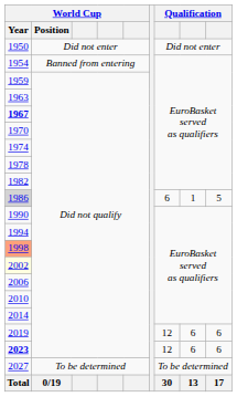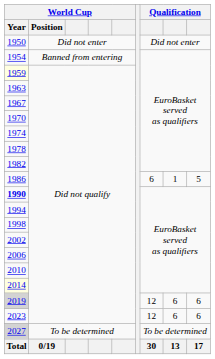 <table class="wikitable" style="text-align: center;font-size:90%;">
 <tr>
 <th colspan=5><a href='#'>World Cup</a></th>
 <th rowspan=23></th>
 <th colspan=3><a href='#'>Qualification</a></th>
 </tr>
 <tr>
 <th>Year</th>
 <th>Position</th>
 <th width=30></th>
 <th width=30></th>
 <th width=30></th>
 <th width=30></th>
 <th width=30></th>
 <th width=30></th>
 </tr>
 <tr>
 <td> <a href='#'>1950</a></td>
 <td colspan=4><em>Did not enter</em></td>
 <td colspan=3><em>Did not enter</em></td>
 </tr>
 <tr>
 <td> <a href='#'>1954</a></td>
 <td colspan=4><em>Banned from entering</em></td>
 <td colspan=3 rowspan=8><em>EuroBasket served<br>as qualifiers</em></td>
 </tr>
 <tr>
-<td> <a href='#'>1959</a></td>
+<td style="background: lightyellow;"> <a href='#'>1959</a></td>
 <td colspan=4 rowspan=17><em>Did not qualify</em></td>
 </tr>
 <tr>
 <td> <a href='#'>1963</a></td>
 </tr>
 <tr>
-<td><strong> <a href='#'>1967</a></strong></td>
+<td> <a href='#'>1967</a></td>
 </tr>
 <tr>
 <td> <a href='#'>1970</a></td>
 </tr>
 <tr>
 <td> <a href='#'>1974</a></td>
 </tr>
 <tr>
 <td> <a href='#'>1978</a></td>
 </tr>
 <tr>
 <td> <a href='#'>1982</a></td>
 </tr>
 <tr>
-<td style="background: lightgrey;"> <a href='#'>1986</a></td>
+<td> <a href='#'>1986</a></td>
 <td>6</td>
 <td>1</td>
 <td>5</td>
 </tr>
 <tr>
-<td> <a href='#'>1990</a></td>
+<td><strong> <a href='#'>1990</a></strong></td>
 <td colspan=3 rowspan=7><em>EuroBasket served<br>as qualifiers</em></td>
 </tr>
 <tr>
 <td> <a href='#'>1994</a></td>
 </tr>
 <tr>
-<td style="background: lightsalmon;"> <a href='#'>1998</a></td>
+<td> <a href='#'>1998</a></td>
 </tr>
 <tr>
-<td style="background: lightyellow;"> <a href='#'>2002</a></td>
+<td> <a href='#'>2002</a></td>
 </tr>
 <tr>
 <td> <a href='#'>2006</a></td>
 </tr>
 <tr>
 <td> <a href='#'>2010</a></td>
 </tr>
 <tr>
-<td> <a href='#'>2014</a></td>
+<td style="background: lightyellow;"> <a href='#'>2014</a></td>
 </tr>
 <tr>
-<td> <a href='#'>2019</a></td>
+<td style="background: lightgrey;"> <a href='#'>2019</a></td>
 <td>12</td>
 <td>6</td>
 <td>6</td>
 </tr>
 <tr>
-<td><strong> <a href='#'>2023</a></strong></td>
+<td> <a href='#'>2023</a></td>
 <td>12</td>
 <td>6</td>
 <td>6</td>
 </tr>
 <tr>
-<td> <a href='#'>2027</a></td>
+<td style="background: lightgrey;"> <a href='#'>2027</a></td>
 <td colspan=4><em>To be determined</em></td>
 <td colspan=3><em>To be determined</em></td>
 </tr>
 <tr>
 <th>Total</th>
 <th>0/19</th>
 <th></th>
 <th></th>
 <th></th>
 <th>30</th>
 <th>13</th>
 <th>17</th>
 </tr>
 </table>
